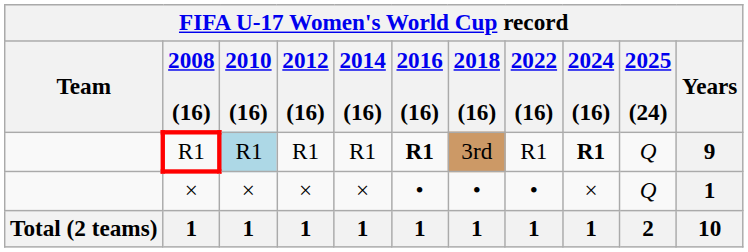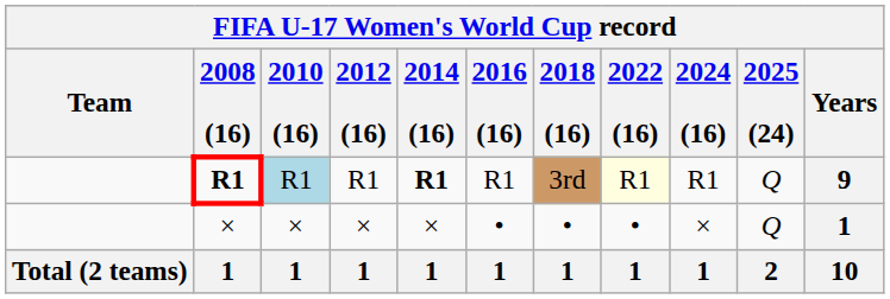 <table class="wikitable">
 <tr style="background:#ccc; text-align:center;">
 <th colspan=11><a href='#'>FIFA U-17 Women's World Cup</a> record</th>
 </tr>
 <tr>
 <th>Team</th>
 <th><a href='#'>2008</a><br><br>(16)</th>
 <th><a href='#'>2010</a><br><br>(16)</th>
 <th><a href='#'>2012</a><br><br>(16)</th>
 <th><a href='#'>2014</a><br><br>(16)</th>
 <th><a href='#'>2016</a><br><br>(16)</th>
 <th><a href='#'>2018</a><br><br>(16)</th>
 <th><a href='#'>2022</a><br><br>(16)</th>
 <th><a href='#'>2024</a><br><br>(16)</th>
 <th><a href='#'>2025</a><br><br>(24)</th>
 <th>Years</th>
 </tr>
 <tr style="text-align:center">
 <td style="text-align:left"></td>
-<td style="border: 3px solid red">R1</td>
+<td style="border: 3px solid red"><strong>R1</strong></td>
 <td style="background: lightblue;">R1</td>
 <td>R1</td>
+<td><strong>R1</strong></td>
 <td>R1</td>
-<td><strong>R1</strong></td>
 <td style="background:#c96;">3rd</td>
+<td style="background: lightyellow;">R1</td>
 <td>R1</td>
-<td><strong>R1</strong></td>
 <td><em>Q</em></td>
 <th>9</th>
 </tr>
 <tr style="text-align:center">
 <td style="text-align:left"></td>
 <td>×</td>
 <td>×</td>
 <td>×</td>
 <td>×</td>
 <td>•</td>
 <td>•</td>
 <td>•</td>
 <td>×</td>
 <td><em>Q</em></td>
 <th>1</th>
 </tr>
 <tr style="text-align:center">
 <th style="text-align:left">Total (2 teams)</th>
 <th>1</th>
 <th>1</th>
 <th>1</th>
 <th>1</th>
 <th>1</th>
 <th>1</th>
 <th>1</th>
 <th>1</th>
 <th>2</th>
 <th>10</th>
 </tr>
 </table>
